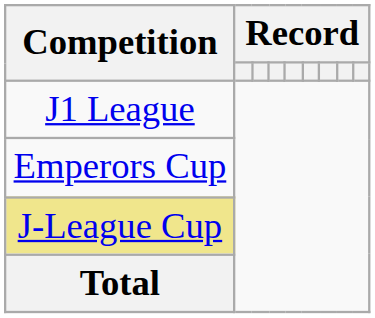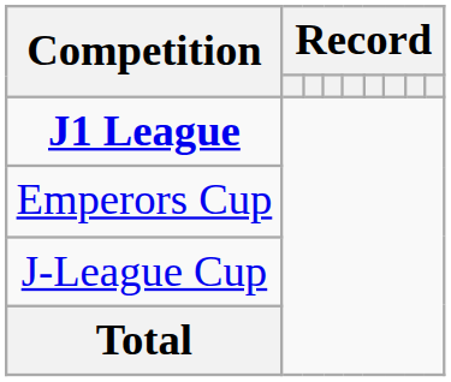 <table class="wikitable" style="text-align: center">
 <tr>
 <th rowspan=2>Competition</th>
 <th colspan=8>Record</th>
 </tr>
 <tr>
 <th></th>
 <th></th>
 <th></th>
 <th></th>
 <th></th>
 <th></th>
 <th></th>
 <th></th>
 </tr>
 <tr>
-<td><a href='#'>J1 League</a><br></td>
+<td><strong><a href='#'>J1 League</a><br></strong></td>
 </tr>
 <tr>
 <td><a href='#'>Emperors Cup</a><br></td>
 </tr>
 <tr>
-<td style="background: khaki;"><a href='#'>J-League Cup</a><br></td>
+<td><a href='#'>J-League Cup</a><br></td>
 </tr>
 <tr>
 <th>Total<br></th>
 </tr>
 </table>
